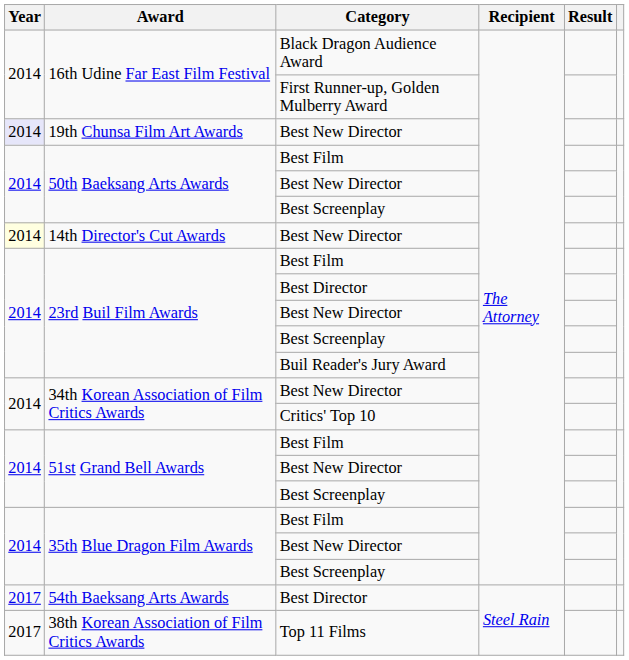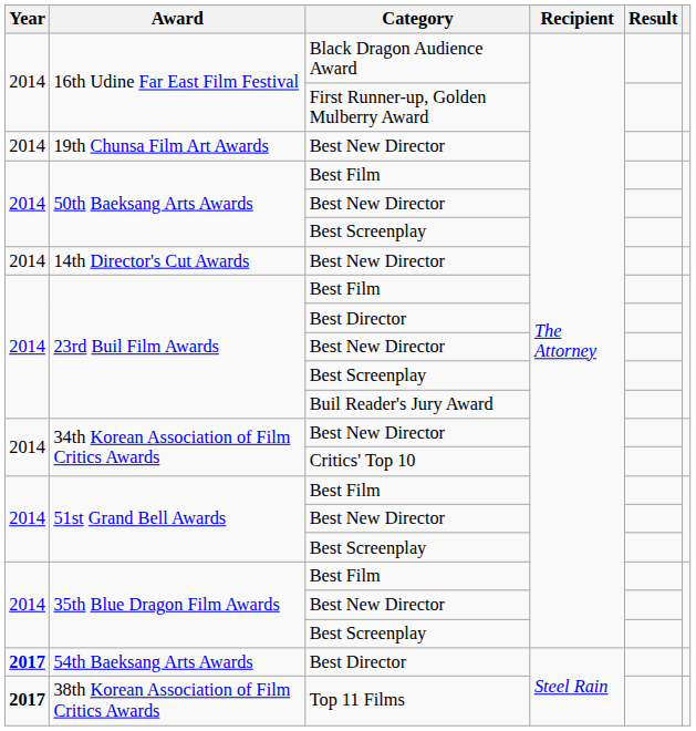 <table class="wikitable sortable">
 <tr>
 <th>Year</th>
 <th>Award</th>
 <th>Category</th>
 <th>Recipient</th>
 <th>Result</th>
 <th></th>
 </tr>
 <tr>
 <td rowspan="2">2014</td>
 <td rowspan="2">16th Udine <a href='#'>Far East Film Festival</a></td>
 <td>Black Dragon Audience Award</td>
 <td rowspan="20"><em><a href='#'>The Attorney</a></em></td>
 <td></td>
 <td rowspan="2"></td>
 </tr>
 <tr>
 <td>First Runner-up, Golden Mulberry Award</td>
 <td></td>
 </tr>
 <tr>
-<td style="background: lavender;">2014</td>
+<td>2014</td>
 <td>19th <a href='#'>Chunsa Film Art Awards</a></td>
 <td>Best New Director</td>
 <td></td>
 <td></td>
 </tr>
 <tr>
 <td rowspan="3"><a href='#'>2014</a></td>
 <td rowspan="3"><a href='#'>50th</a> <a href='#'>Baeksang Arts Awards</a></td>
 <td>Best Film</td>
 <td></td>
 <td rowspan="3"></td>
 </tr>
 <tr>
 <td>Best New Director</td>
 <td></td>
 </tr>
 <tr>
 <td>Best Screenplay</td>
 <td></td>
 </tr>
 <tr>
-<td style="background: lightyellow;">2014</td>
+<td>2014</td>
 <td>14th <a href='#'>Director's Cut Awards</a></td>
 <td>Best New Director</td>
 <td></td>
 <td></td>
 </tr>
 <tr>
 <td rowspan="5"><a href='#'>2014</a></td>
 <td rowspan="5"><a href='#'>23rd</a> <a href='#'>Buil Film Awards</a></td>
 <td>Best Film</td>
 <td></td>
 <td rowspan="5"></td>
 </tr>
 <tr>
 <td>Best Director</td>
 <td></td>
 </tr>
 <tr>
 <td>Best New Director</td>
 <td></td>
 </tr>
 <tr>
 <td>Best Screenplay</td>
 <td></td>
 </tr>
 <tr>
 <td>Buil Reader's Jury Award</td>
 <td></td>
 </tr>
 <tr>
 <td rowspan="2">2014</td>
 <td rowspan="2">34th <a href='#'>Korean Association of Film Critics Awards</a></td>
 <td>Best New Director</td>
 <td></td>
 <td rowspan="2"></td>
 </tr>
 <tr>
 <td>Critics' Top 10</td>
 <td></td>
 </tr>
 <tr>
 <td rowspan="3"><a href='#'>2014</a></td>
 <td rowspan="3"><a href='#'>51st</a> <a href='#'>Grand Bell Awards</a></td>
 <td>Best Film</td>
 <td></td>
 <td rowspan="3"></td>
 </tr>
 <tr>
 <td>Best New Director</td>
 <td></td>
 </tr>
 <tr>
 <td>Best Screenplay</td>
 <td></td>
 </tr>
 <tr>
 <td rowspan="3"><a href='#'>2014</a></td>
 <td rowspan="3"><a href='#'>35th</a> <a href='#'>Blue Dragon Film Awards</a></td>
 <td>Best Film</td>
 <td></td>
 <td rowspan="3"></td>
 </tr>
 <tr>
 <td>Best New Director</td>
 <td></td>
 </tr>
 <tr>
 <td>Best Screenplay</td>
 <td></td>
 </tr>
 <tr>
-<td><a href='#'>2017</a></td>
+<td><strong><a href='#'>2017</a></strong></td>
 <td><a href='#'>54th Baeksang Arts Awards</a></td>
 <td>Best Director</td>
 <td rowspan="2"><em><a href='#'>Steel Rain</a></em></td>
 <td></td>
 <td></td>
 </tr>
 <tr>
-<td>2017</td>
+<td><strong>2017</strong></td>
 <td rowspan="1">38th <a href='#'>Korean Association of Film Critics Awards</a></td>
 <td>Top 11 Films</td>
 <td></td>
 <td rowspan="1"></td>
 </tr>
 </table>
